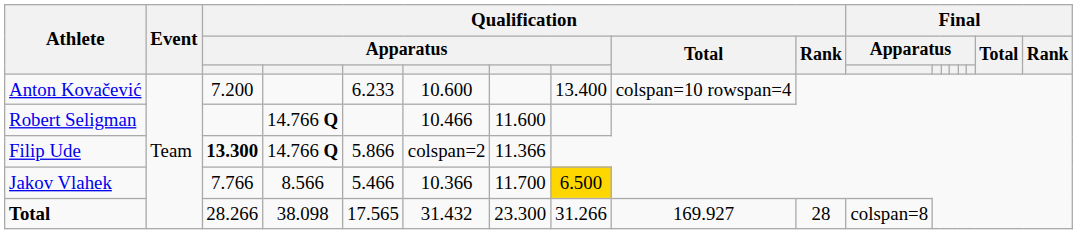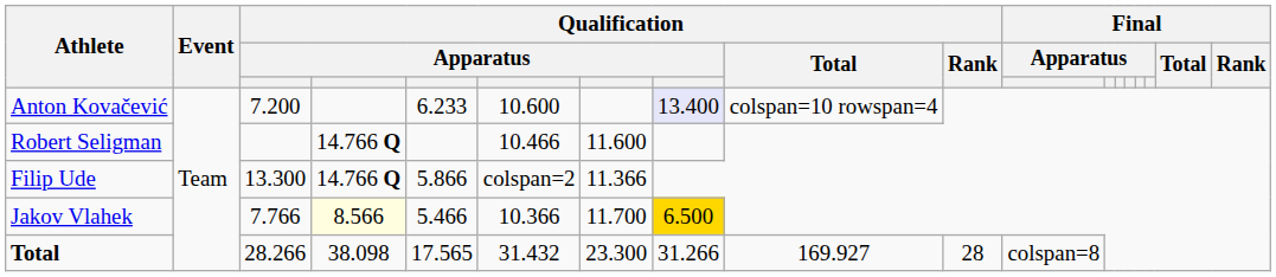 <table class="wikitable" style="font-size:90%">
 <tr>
 <th rowspan=3>Athlete</th>
 <th rowspan=3>Event</th>
 <th colspan =8>Qualification</th>
 <th colspan =8>Final</th>
 </tr>
 <tr style="font-size:95%">
 <th colspan=6>Apparatus</th>
 <th rowspan=2>Total</th>
 <th rowspan=2>Rank</th>
 <th colspan=6>Apparatus</th>
 <th rowspan=2>Total</th>
 <th rowspan=2>Rank</th>
 </tr>
 <tr style="font-size:95%">
 <th></th>
 <th></th>
 <th></th>
 <th></th>
 <th></th>
 <th></th>
 <th></th>
 <th></th>
 <th></th>
 <th></th>
 <th></th>
 <th></th>
 </tr>
 <tr align=center>
 <td align=left><a href='#'>Anton Kovačević</a></td>
 <td align=left rowspan=5>Team</td>
 <td>7.200</td>
 <td></td>
 <td>6.233</td>
 <td>10.600</td>
 <td></td>
-<td>13.400</td>
+<td style="background: lavender;">13.400</td>
 <td>colspan=10 rowspan=4 </td>
 </tr>
 <tr align=center>
 <td align=left><a href='#'>Robert Seligman</a></td>
 <td></td>
 <td>14.766 <strong>Q</strong></td>
 <td></td>
 <td>10.466</td>
 <td>11.600</td>
 <td></td>
 </tr>
 <tr align=center>
 <td align=left><a href='#'>Filip Ude</a></td>
-<td><strong>13.300</strong></td>
+<td>13.300</td>
 <td>14.766 <strong>Q</strong></td>
 <td>5.866</td>
 <td>colspan=2</td>
 <td>11.366</td>
 </tr>
 <tr align=center>
 <td align=left><a href='#'>Jakov Vlahek</a></td>
 <td>7.766</td>
-<td>8.566</td>
+<td style="background: lightyellow;">8.566</td>
 <td>5.466</td>
 <td>10.366</td>
 <td>11.700</td>
 <td style="background: gold;">6.500</td>
 </tr>
 <tr align=center>
 <td align=left><strong>Total</strong></td>
 <td>28.266</td>
 <td>38.098</td>
 <td>17.565</td>
 <td>31.432</td>
 <td>23.300</td>
 <td>31.266</td>
 <td>169.927</td>
 <td>28</td>
 <td>colspan=8</td>
 </tr>
 </table>
